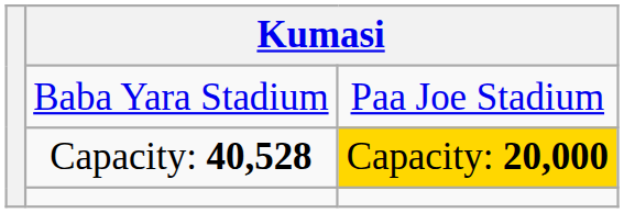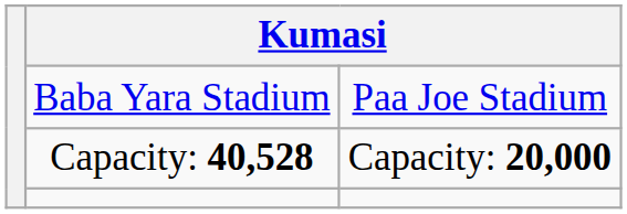 <table class="wikitable" style="margin:1em auto; text-align:center">
 <tr>
 <th rowspan="4"></th>
 <th colspan="2"><a href='#'>Kumasi</a></th>
 </tr>
 <tr>
 <td><a href='#'>Baba Yara Stadium</a></td>
 <td><a href='#'>Paa Joe Stadium</a></td>
 </tr>
 <tr>
 <td>Capacity: <strong>40,528</strong></td>
-<td style="background: gold;">Capacity: <strong>20,000</strong></td>
+<td>Capacity: <strong>20,000</strong></td>
 </tr>
 <tr>
 <td></td>
 <td></td>
 </tr>
 </table>
